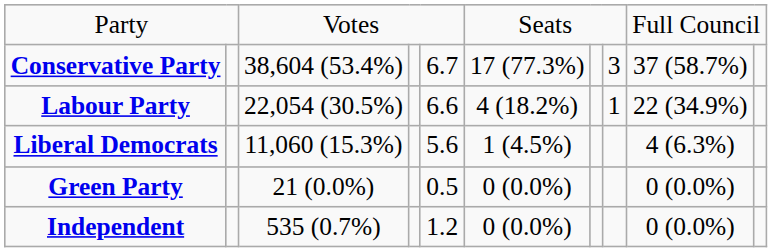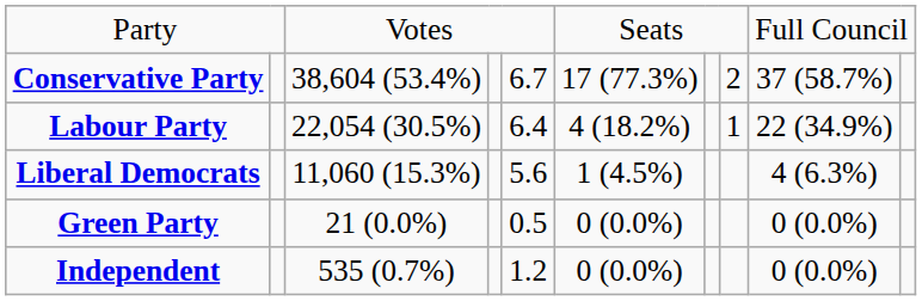 <table class=wikitable style="text-align:center;">
 <tr>
 <td colspan=2>Party</td>
 <td colspan=3>Votes</td>
 <td colspan=3>Seats</td>
 <td colspan=3>Full Council</td>
 </tr>
 <tr>
 <td><strong><a href='#'>Conservative Party</a></strong></td>
 <td style="background:"></td>
 <td>38,604 (53.4%)</td>
 <td></td>
 <td> 6.7</td>
 <td>17 (77.3%)</td>
 <td></td>
-<td> 3</td>
+<td> 2</td>
 <td>37 (58.7%)</td>
 <td></td>
 </tr>
 <tr>
 <td><strong><a href='#'>Labour Party</a></strong></td>
 <td style="background:"></td>
 <td>22,054 (30.5%)</td>
 <td></td>
-<td> 6.6</td>
+<td> 6.4</td>
 <td>4 (18.2%)</td>
 <td></td>
 <td> 1</td>
 <td>22 (34.9%)</td>
 <td></td>
 </tr>
 <tr>
 <td><strong><a href='#'>Liberal Democrats</a></strong></td>
 <td style="background:"></td>
 <td>11,060 (15.3%)</td>
 <td></td>
 <td> 5.6</td>
 <td>1 (4.5%)</td>
 <td></td>
 <td></td>
 <td>4 (6.3%)</td>
 <td></td>
 </tr>
 <tr>
 <td><strong><a href='#'>Green Party</a></strong></td>
 <td style="background:"></td>
 <td>21 (0.0%)</td>
 <td></td>
 <td> 0.5</td>
 <td>0 (0.0%)</td>
 <td></td>
 <td></td>
 <td>0 (0.0%)</td>
 <td></td>
 </tr>
 <tr>
 <td><strong><a href='#'>Independent</a></strong></td>
 <td style="background:"></td>
 <td>535 (0.7%)</td>
 <td></td>
 <td> 1.2</td>
 <td>0 (0.0%)</td>
 <td></td>
 <td></td>
 <td>0 (0.0%)</td>
 <td></td>
 </tr>
 </table>
